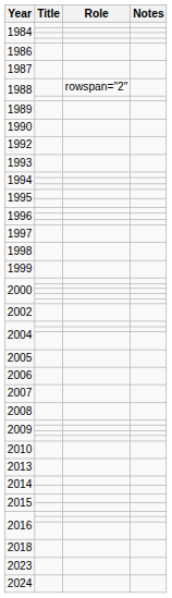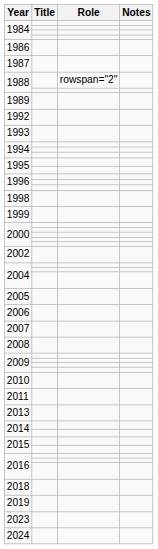 <table class="wikitable sortable plainrowheaders">
 <tr>
 <th scope="col">Year</th>
 <th scope="col">Title</th>
 <th scope="col">Role</th>
 <th scope="col" class="unsortable">Notes</th>
 </tr>
 <tr>
 <td rowspan="4">1984</td>
 <td><em></em></td>
 <td></td>
 <td></td>
 </tr>
 <tr>
 <td><em></em></td>
 <td></td>
 <td></td>
 </tr>
 <tr>
 <td><em></em></td>
 <td></td>
 <td></td>
 </tr>
 <tr>
 <td><em></em></td>
 <td></td>
 <td></td>
 </tr>
 <tr>
 <td>1986</td>
 <td><em></em></td>
 <td></td>
 <td></td>
 </tr>
 <tr>
 <td>1987</td>
 <td><em></em></td>
 <td></td>
 <td></td>
 </tr>
 <tr>
 <td rowspan="2">1988</td>
 <td><em></em></td>
 <td>rowspan="2" </td>
 <td></td>
 </tr>
 <tr>
 <td><em></em></td>
 <td></td>
 </tr>
 <tr>
 <td>1989</td>
 <td><em></em></td>
 <td></td>
 <td></td>
 </tr>
 <tr>
-<td>1990</td>
-<td><em></em></td>
-<td></td>
-<td></td>
-</tr>
-<tr>
 <td>1992</td>
 <td><em></em></td>
 <td></td>
 <td></td>
 </tr>
 <tr>
 <td>1993</td>
 <td><em></em></td>
 <td></td>
 <td></td>
 </tr>
 <tr>
 <td rowspan="3">1994</td>
 <td><em></em></td>
 <td></td>
 <td></td>
 </tr>
 <tr>
 <td><em></em></td>
 <td></td>
 <td></td>
 </tr>
 <tr>
 <td><em></em></td>
 <td></td>
 <td></td>
 </tr>
 <tr>
 <td rowspan="2">1995</td>
 <td><em></em></td>
 <td></td>
 <td></td>
 </tr>
 <tr>
 <td><em></em></td>
 <td></td>
 <td></td>
 </tr>
 <tr>
 <td rowspan="3">1996</td>
 <td><em></em></td>
 <td></td>
 <td></td>
 </tr>
 <tr>
 <td><em></em></td>
 <td></td>
 <td></td>
 </tr>
 <tr>
-<td><em></em></td>
-<td></td>
-<td></td>
-</tr>
-<tr>
-<td>1997</td>
 <td><em></em></td>
 <td></td>
 <td></td>
 </tr>
 <tr>
 <td>1998</td>
 <td><em></em></td>
 <td></td>
 <td></td>
 </tr>
 <tr>
 <td>1999</td>
 <td><em></em></td>
 <td></td>
 <td></td>
 </tr>
 <tr>
 <td rowspan="5">2000</td>
 <td><em></em></td>
 <td></td>
 <td></td>
 </tr>
 <tr>
 <td><em></em></td>
 <td></td>
 <td></td>
 </tr>
 <tr>
 <td><em></em></td>
 <td></td>
 <td></td>
 </tr>
 <tr>
 <td><em></em></td>
 <td></td>
 <td></td>
 </tr>
 <tr>
 <td><em></em></td>
 <td></td>
 <td></td>
 </tr>
 <tr>
 <td>2002</td>
 <td><em></em></td>
 <td></td>
 <td></td>
 </tr>
 <tr>
 <td rowspan="3">2004</td>
 <td><em></em></td>
 <td></td>
 <td></td>
 </tr>
 <tr>
 <td><em></em></td>
 <td></td>
 <td></td>
 </tr>
 <tr>
 <td><em></em></td>
 <td></td>
 <td><br></td>
 </tr>
 <tr>
 <td>2005</td>
 <td><em></em></td>
 <td></td>
 <td></td>
 </tr>
 <tr>
 <td>2006</td>
 <td><em></em></td>
 <td></td>
 <td></td>
 </tr>
 <tr>
 <td>2007</td>
 <td><em></em></td>
 <td></td>
 <td></td>
 </tr>
 <tr>
 <td>2008</td>
 <td><em></em></td>
 <td></td>
 <td></td>
 </tr>
 <tr>
 <td rowspan="4">2009</td>
 <td><em></em></td>
 <td></td>
 <td></td>
 </tr>
 <tr>
 <td><em></em></td>
 <td></td>
 <td></td>
 </tr>
 <tr>
 <td><em></em></td>
 <td></td>
 <td></td>
 </tr>
 <tr>
 <td><em></em></td>
 <td></td>
 <td></td>
 </tr>
 <tr>
 <td>2010</td>
 <td><em></em></td>
 <td></td>
 <td></td>
 </tr>
 <tr>
+<td>2011</td>
+<td><em></em></td>
+<td></td>
+<td></td>
+</tr>
+<tr>
 <td>2013</td>
 <td><em></em></td>
 <td></td>
 <td></td>
 </tr>
 <tr>
 <td rowspan="2">2014</td>
 <td><em></em></td>
 <td></td>
 <td></td>
 </tr>
 <tr>
 <td><em></em></td>
 <td></td>
 <td></td>
 </tr>
 <tr>
 <td rowspan="2">2015</td>
 <td><em></em></td>
 <td></td>
 <td></td>
 </tr>
 <tr>
 <td><em></em></td>
 <td></td>
 <td></td>
 </tr>
 <tr>
 <td rowspan="3">2016</td>
 <td><em></em></td>
 <td></td>
 <td></td>
 </tr>
 <tr>
 <td><em></em></td>
 <td></td>
 <td></td>
 </tr>
 <tr>
 <td><em></em></td>
 <td></td>
 <td><br></td>
 </tr>
 <tr>
 <td>2018</td>
 <td><em></em></td>
 <td></td>
 <td></td>
 </tr>
 <tr>
+<td>2019</td>
+<td><em></em></td>
+<td></td>
+<td></td>
+</tr>
+<tr>
 <td>2023</td>
 <td><em></em></td>
 <td></td>
 <td></td>
 </tr>
 <tr>
 <td>2024</td>
 <td><em></em></td>
 <td></td>
 <td></td>
 </tr>
 </table>
